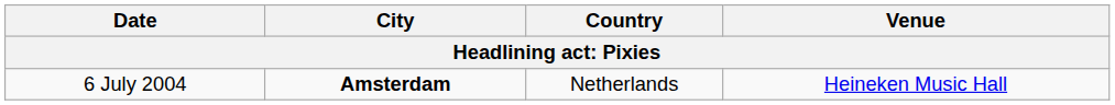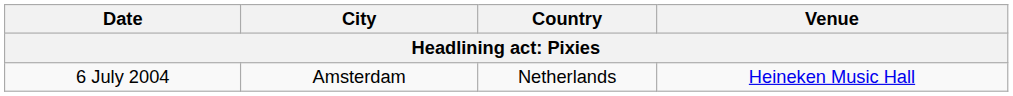 <table class="wikitable" style="text-align:center;">
 <tr>
 <th width="200">Date</th>
 <th width="200">City</th>
 <th width="150">Country</th>
 <th width="300">Venue</th>
 </tr>
 <tr>
 <th colspan="4">Headlining act: Pixies</th>
 </tr>
 <tr>
 <td>6 July 2004</td>
-<td><strong>Amsterdam</strong></td>
+<td>Amsterdam</td>
 <td>Netherlands</td>
 <td><a href='#'>Heineken Music Hall</a></td>
 </tr>
 </table>
